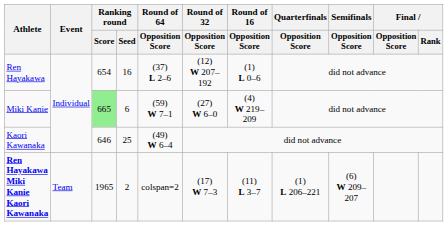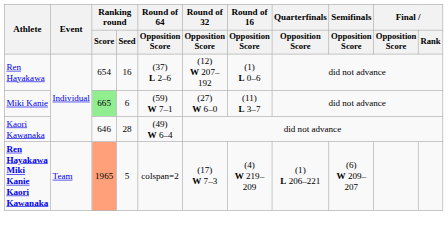 <table class="wikitable" style="font-size:90%">
 <tr>
 <th rowspan="2">Athlete</th>
 <th rowspan="2">Event</th>
 <th colspan="2">Ranking round</th>
 <th>Round of 64</th>
 <th>Round of 32</th>
 <th>Round of 16</th>
 <th>Quarterfinals</th>
 <th>Semifinals</th>
 <th colspan="2">Final / </th>
 </tr>
 <tr style="font-size:95%">
 <th>Score</th>
 <th>Seed</th>
 <th>Opposition<br>Score</th>
 <th>Opposition<br>Score</th>
 <th>Opposition<br>Score</th>
 <th>Opposition<br>Score</th>
 <th>Opposition<br>Score</th>
 <th>Opposition<br>Score</th>
 <th>Rank</th>
 </tr>
 <tr align=center>
 <td align=left><a href='#'>Ren Hayakawa</a></td>
 <td align=left rowspan=3><a href='#'>Individual</a></td>
 <td>654</td>
 <td>16</td>
 <td> (37)<br><strong>L</strong> 2–6</td>
 <td> (12)<br><strong>W</strong> 207–192</td>
 <td> (1)<br><strong>L</strong> 0–6</td>
 <td colspan=4>did not advance</td>
 </tr>
 <tr align=center>
 <td align=left><a href='#'>Miki Kanie</a></td>
 <td style="background: lightgreen;">665</td>
 <td>6</td>
 <td> (59)<br><strong>W</strong> 7–1</td>
 <td> (27)<br><strong>W</strong> 6–0</td>
-<td> (4)<br><strong>W</strong> 219–209</td>
+<td> (11)<br><strong>L</strong> 3–7</td>
 <td colspan=4>did not advance</td>
 </tr>
 <tr align=center>
 <td align=left><a href='#'>Kaori Kawanaka</a></td>
 <td>646</td>
-<td>25</td>
+<td>28</td>
 <td> (49)<br><strong>W</strong> 6–4</td>
 <td colspan=6>did not advance</td>
 </tr>
 <tr align=center>
 <td align=left><strong><a href='#'>Ren Hayakawa</a><br><a href='#'>Miki Kanie</a><br><a href='#'>Kaori Kawanaka</a></strong></td>
 <td align=left><a href='#'>Team</a></td>
-<td>1965</td>
-<td>2</td>
+<td style="background: lightsalmon;">1965</td>
+<td>5</td>
 <td>colspan=2 </td>
 <td> (17)<br><strong>W</strong> 7–3</td>
-<td> (11)<br><strong>L</strong> 3–7</td>
+<td> (4)<br><strong>W</strong> 219–209</td>
 <td> (1)<br><strong>L</strong> 206–221</td>
 <td> (6)<br><strong>W</strong> 209–207</td>
 <td></td>
 </tr>
 </table>
